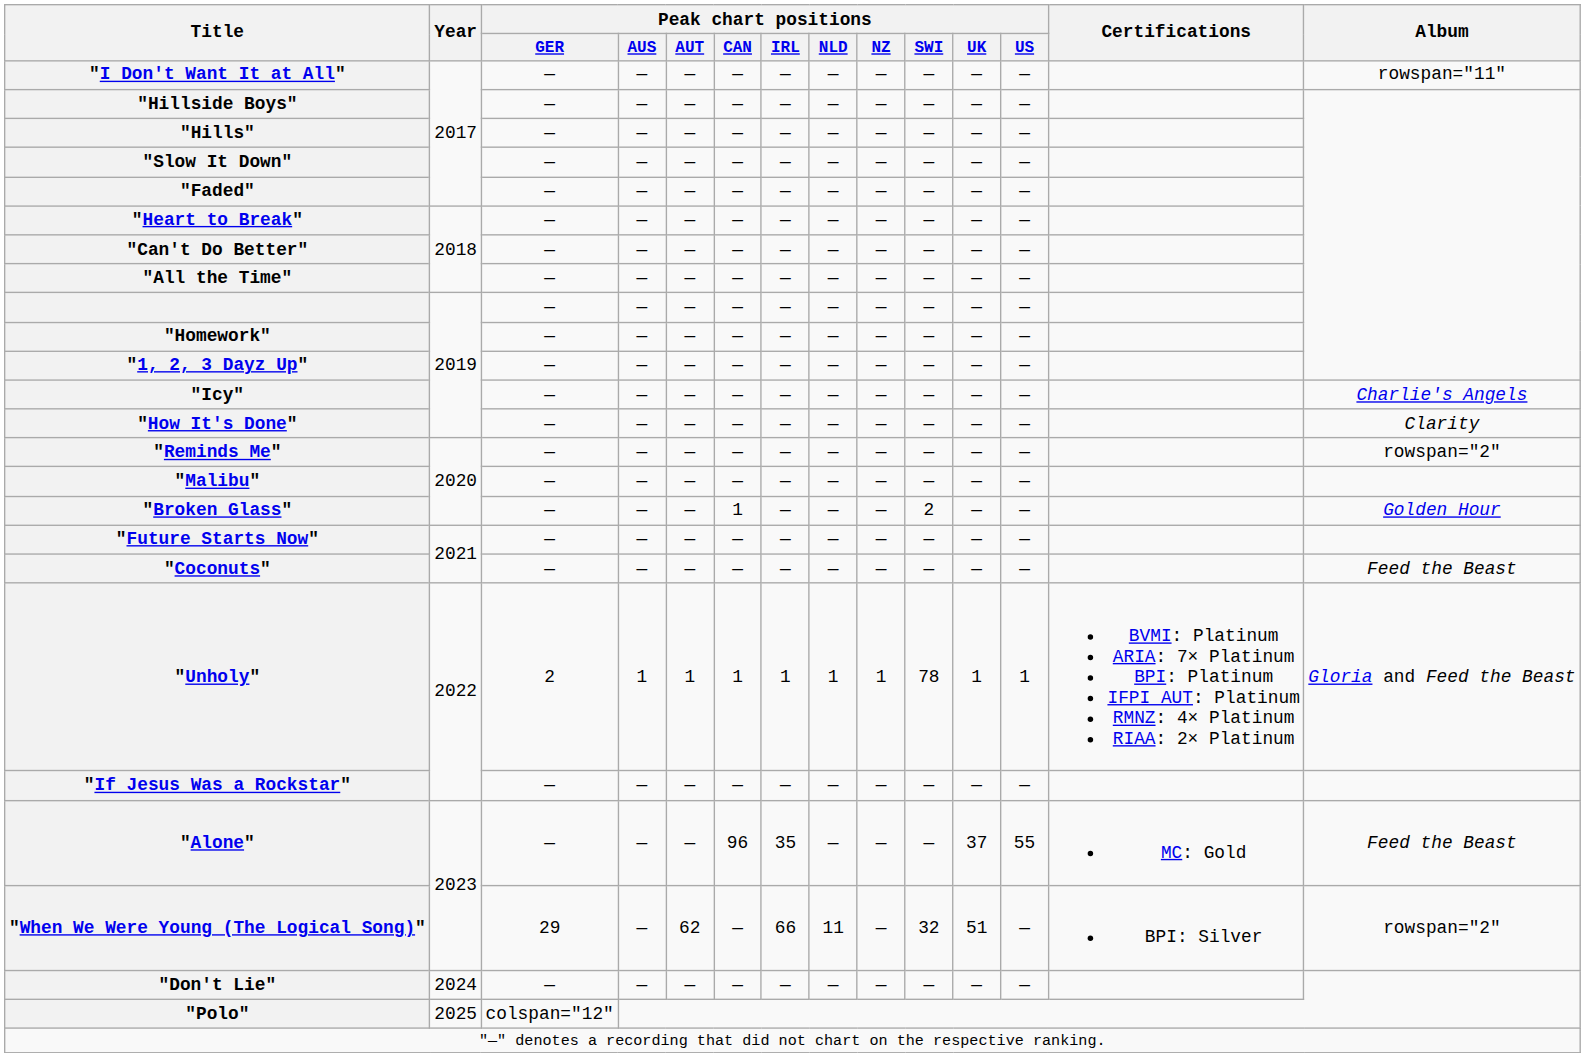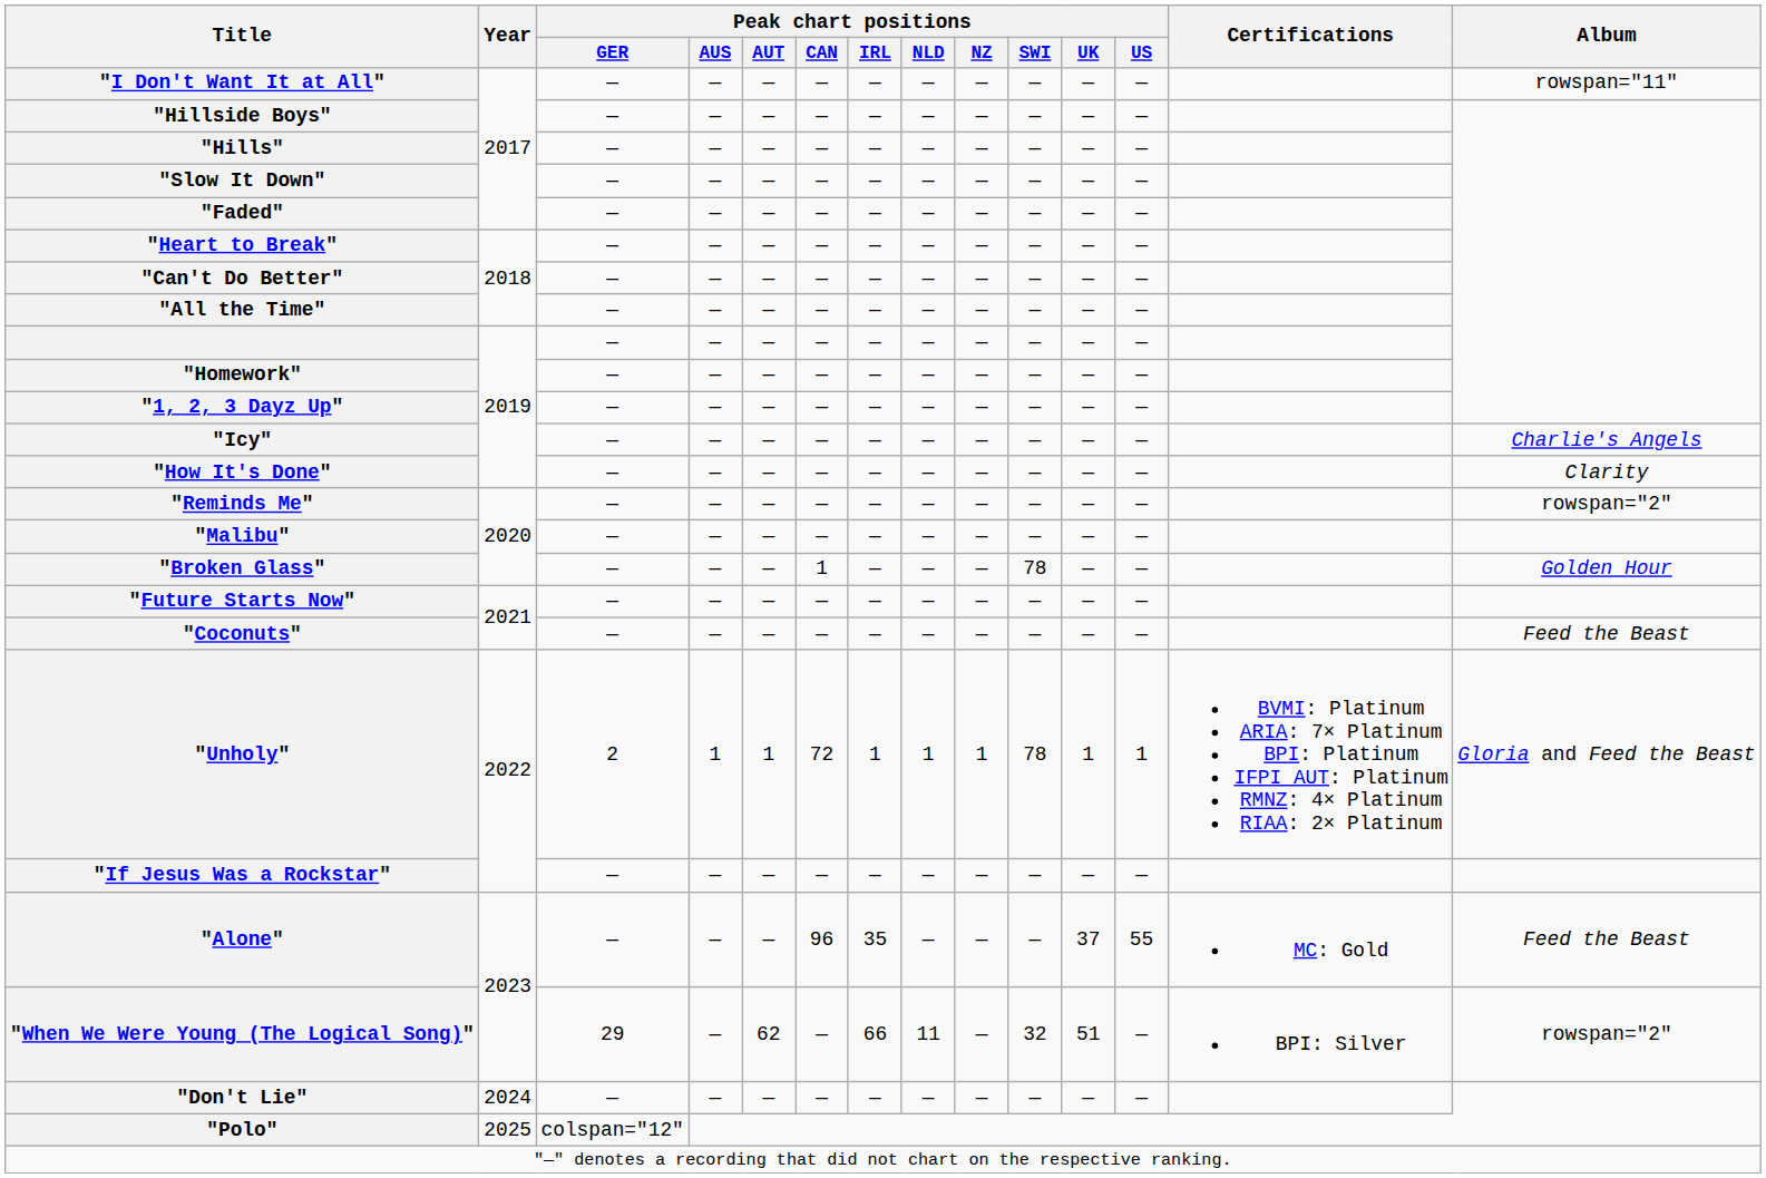 <table class="wikitable plainrowheaders" style="text-align:center;">
 <tr>
 <th scope="col" rowspan="2">Title</th>
 <th scope="col" rowspan="2">Year</th>
 <th colspan="10">Peak chart positions</th>
 <th scope="col" rowspan="2">Certifications</th>
 <th scope="col" rowspan="2">Album</th>
 </tr>
 <tr>
 <th scope="col" style="width:2.5em;font-size:90%;"><a href='#'>GER</a><br></th>
 <th scope="col" style="width:2.5em;font-size:90%;"><a href='#'>AUS</a><br></th>
 <th scope="col" style="width:2.5em;font-size:90%;"><a href='#'>AUT</a><br></th>
 <th scope="col" style="width:2.5em;font-size:90%;"><a href='#'>CAN</a><br></th>
 <th scope="col" style="width:2.5em;font-size:90%;"><a href='#'>IRL</a><br></th>
 <th scope="col" style="width:2.5em;font-size:90%;"><a href='#'>NLD</a><br></th>
 <th scope="col" style="width:2.5em;font-size:90%;"><a href='#'>NZ</a><br></th>
 <th scope="col" style="width:2.5em;font-size:90%;"><a href='#'>SWI</a><br></th>
 <th scope="col" style="width:2.5em;font-size:90%;"><a href='#'>UK</a><br></th>
 <th scope="col" style="width:2.5em;font-size:90%;"><a href='#'>US</a><br></th>
 </tr>
 <tr>
 <th scope="row">"<a href='#'>I Don't Want It at All</a>"</th>
 <td rowspan="5">2017</td>
 <td>—</td>
 <td>—</td>
 <td>—</td>
 <td>—</td>
 <td>—</td>
 <td>—</td>
 <td>—</td>
 <td>—</td>
 <td>—</td>
 <td>—</td>
 <td></td>
 <td>rowspan="11" </td>
 </tr>
 <tr>
 <th scope="row">"Hillside Boys"</th>
 <td>—</td>
 <td>—</td>
 <td>—</td>
 <td>—</td>
 <td>—</td>
 <td>—</td>
 <td>—</td>
 <td>—</td>
 <td>—</td>
 <td>—</td>
 <td></td>
 </tr>
 <tr>
 <th scope="row">"Hills"<br></th>
 <td>—</td>
 <td>—</td>
 <td>—</td>
 <td>—</td>
 <td>—</td>
 <td>—</td>
 <td>—</td>
 <td>—</td>
 <td>—</td>
 <td>—</td>
 <td></td>
 </tr>
 <tr>
 <th scope="row">"Slow It Down"</th>
 <td>—</td>
 <td>—</td>
 <td>—</td>
 <td>—</td>
 <td>—</td>
 <td>—</td>
 <td>—</td>
 <td>—</td>
 <td>—</td>
 <td>—</td>
 <td></td>
 </tr>
 <tr>
 <th scope="row">"Faded"<br></th>
 <td>—</td>
 <td>—</td>
 <td>—</td>
 <td>—</td>
 <td>—</td>
 <td>—</td>
 <td>—</td>
 <td>—</td>
 <td>—</td>
 <td>—</td>
 <td></td>
 </tr>
 <tr>
 <th scope="row">"<a href='#'>Heart to Break</a>"</th>
 <td rowspan="3">2018</td>
 <td>—</td>
 <td>—</td>
 <td>—</td>
 <td>—</td>
 <td>—</td>
 <td>—</td>
 <td>—</td>
 <td>—</td>
 <td>—</td>
 <td>—</td>
 <td></td>
 </tr>
 <tr>
 <th scope="row">"Can't Do Better"</th>
 <td>—</td>
 <td>—</td>
 <td>—</td>
 <td>—</td>
 <td>—</td>
 <td>—</td>
 <td>—</td>
 <td>—</td>
 <td>—</td>
 <td>—</td>
 <td></td>
 </tr>
 <tr>
 <th scope="row">"All the Time"</th>
 <td>—</td>
 <td>—</td>
 <td>—</td>
 <td>—</td>
 <td>—</td>
 <td>—</td>
 <td>—</td>
 <td>—</td>
 <td>—</td>
 <td>—</td>
 <td></td>
 </tr>
 <tr>
 <th scope="row"></th>
 <td rowspan="5">2019</td>
 <td>—</td>
 <td>—</td>
 <td>—</td>
 <td>—</td>
 <td>—</td>
 <td>—</td>
 <td>—</td>
 <td>—</td>
 <td>—</td>
 <td>—</td>
 <td></td>
 </tr>
 <tr>
 <th scope="row">"Homework"<br></th>
 <td>—</td>
 <td>—</td>
 <td>—</td>
 <td>—</td>
 <td>—</td>
 <td>—</td>
 <td>—</td>
 <td>—</td>
 <td>—</td>
 <td>—</td>
 <td></td>
 </tr>
 <tr>
 <th scope="row">"<a href='#'>1, 2, 3 Dayz Up</a>"<br></th>
 <td>—</td>
 <td>—</td>
 <td>—</td>
 <td>—</td>
 <td>—</td>
 <td>—</td>
 <td>—</td>
 <td>—</td>
 <td>—</td>
 <td>—</td>
 <td></td>
 </tr>
 <tr>
 <th scope="row">"Icy"</th>
 <td>—</td>
 <td>—</td>
 <td>—</td>
 <td>—</td>
 <td>—</td>
 <td>—</td>
 <td>—</td>
 <td>—</td>
 <td>—</td>
 <td>—</td>
 <td></td>
 <td><em><a href='#'>Charlie's Angels</a></em></td>
 </tr>
 <tr>
 <th scope="row">"<a href='#'>How It's Done</a>"<br></th>
 <td>—</td>
 <td>—</td>
 <td>—</td>
 <td>—</td>
 <td>—</td>
 <td>—</td>
 <td>—</td>
 <td>—</td>
 <td>—</td>
 <td>—</td>
 <td></td>
 <td><em>Clarity</em></td>
 </tr>
 <tr>
 <th scope="row">"<a href='#'>Reminds Me</a>"</th>
 <td rowspan="3">2020</td>
 <td>—</td>
 <td>—</td>
 <td>—</td>
 <td>—</td>
 <td>—</td>
 <td>—</td>
 <td>—</td>
 <td>—</td>
 <td>—</td>
 <td>—</td>
 <td></td>
 <td>rowspan="2" </td>
 </tr>
 <tr>
 <th scope="row">"<a href='#'>Malibu</a>"</th>
 <td>—</td>
 <td>—</td>
 <td>—</td>
 <td>—</td>
 <td>—</td>
 <td>—</td>
 <td>—</td>
 <td>—</td>
 <td>—</td>
 <td>—</td>
 <td></td>
 </tr>
 <tr>
 <th scope="row">"<a href='#'>Broken Glass</a>"<br></th>
 <td>—</td>
 <td>—</td>
 <td>—</td>
 <td>1</td>
 <td>—</td>
 <td>—</td>
 <td>—</td>
-<td>2</td>
+<td>78</td>
 <td>—</td>
 <td>—</td>
 <td></td>
 <td><em><a href='#'>Golden Hour</a></em></td>
 </tr>
 <tr>
 <th scope="row">"<a href='#'>Future Starts Now</a>"</th>
 <td rowspan="2">2021</td>
 <td>—</td>
 <td>—</td>
 <td>—</td>
 <td>—</td>
 <td>—</td>
 <td>—</td>
 <td>—</td>
 <td>—</td>
 <td>—</td>
 <td>—</td>
 <td></td>
 <td></td>
 </tr>
 <tr>
 <th scope="row">"<a href='#'>Coconuts</a>"</th>
 <td>—</td>
 <td>—</td>
 <td>—</td>
 <td>—</td>
 <td>—</td>
 <td>—</td>
 <td>—</td>
 <td>—</td>
 <td>—</td>
 <td>—</td>
 <td></td>
 <td><em>Feed the Beast</em></td>
 </tr>
 <tr>
 <th scope="row">"<a href='#'>Unholy</a>"<br></th>
 <td rowspan="2">2022</td>
 <td>2</td>
 <td>1</td>
 <td>1</td>
-<td>1</td>
+<td>72</td>
 <td>1</td>
 <td>1</td>
 <td>1</td>
 <td>78</td>
 <td>1</td>
 <td>1</td>
 <td><br><ul><li><a href='#'>BVMI</a>: Platinum</li><li><a href='#'>ARIA</a>: 7× Platinum</li><li><a href='#'>BPI</a>: Platinum</li><li><a href='#'>IFPI AUT</a>: Platinum</li><li><a href='#'>RMNZ</a>: 4× Platinum</li><li><a href='#'>RIAA</a>: 2× Platinum</li></ul></td>
 <td><em><a href='#'>Gloria</a></em> and <em>Feed the Beast</em></td>
 </tr>
 <tr>
 <th scope="row">"<a href='#'>If Jesus Was a Rockstar</a>"</th>
 <td>—</td>
 <td>—</td>
 <td>—</td>
 <td>—</td>
 <td>—</td>
 <td>—</td>
 <td>—</td>
 <td>—</td>
 <td>—</td>
 <td>—</td>
 <td></td>
 <td></td>
 </tr>
 <tr>
 <th scope="row">"<a href='#'>Alone</a>"<br></th>
 <td rowspan="2">2023</td>
 <td>—</td>
 <td>—</td>
 <td>—</td>
 <td>96</td>
 <td>35</td>
 <td>—</td>
 <td>—</td>
 <td>—</td>
 <td>37</td>
 <td>55</td>
 <td><br><ul><li><a href='#'>MC</a>: Gold</li></ul></td>
 <td><em>Feed the Beast</em></td>
 </tr>
 <tr>
 <th scope="row">"<a href='#'>When We Were Young (The Logical Song)</a>"<br></th>
 <td>29</td>
 <td>—</td>
 <td>62</td>
 <td>—</td>
 <td>66<br></td>
 <td>11</td>
 <td>—</td>
 <td>32</td>
 <td>51</td>
 <td>—</td>
 <td><br><ul><li>BPI: Silver</li></ul></td>
 <td>rowspan="2" </td>
 </tr>
 <tr>
 <th scope="row">"Don't Lie"<br></th>
 <td>2024</td>
 <td>—</td>
 <td>—</td>
 <td>—</td>
 <td>—</td>
 <td>—</td>
 <td>—</td>
 <td>—</td>
 <td>—</td>
 <td>—</td>
 <td>—</td>
 <td></td>
 </tr>
 <tr>
 <th scope="row">"Polo"</th>
 <td>2025</td>
 <td>colspan="12" </td>
 </tr>
 <tr>
 <td colspan="23" style="font-size:85%">"—" denotes a recording that did not chart on the respective ranking.</td>
 </tr>
 </table>
